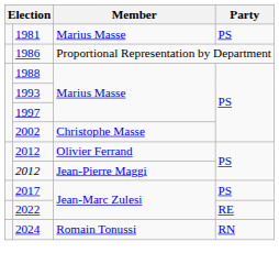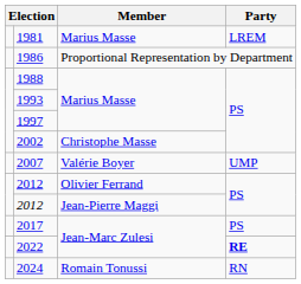 <table class="wikitable">
 <tr>
 <th colspan="2">Election</th>
 <th>Member</th>
 <th>Party</th>
 </tr>
 <tr>
 <td style="color:inherit;background-color: "></td>
 <td><a href='#'>1981</a></td>
 <td><a href='#'>Marius Masse</a></td>
-<td><a href='#'>PS</a></td>
+<td><a href='#'>LREM</a></td>
 </tr>
 <tr>
 <td></td>
 <td><a href='#'>1986</a></td>
 <td colspan=2>Proportional Representation by Department</td>
 </tr>
 <tr>
 <td rowspan=4 style="background-color: "></td>
 <td><a href='#'>1988</a></td>
 <td rowspan=3><a href='#'>Marius Masse</a></td>
 <td rowspan=4><a href='#'>PS</a></td>
 </tr>
 <tr>
 <td><a href='#'>1993</a></td>
 </tr>
 <tr>
 <td><a href='#'>1997</a></td>
 </tr>
 <tr>
 <td><a href='#'>2002</a></td>
 <td><a href='#'>Christophe Masse</a></td>
 </tr>
 <tr>
+<td style="color:inherit;background-color: "></td>
+<td><a href='#'>2007</a></td>
+<td><a href='#'>Valérie Boyer</a></td>
+<td><a href='#'>UMP</a></td>
+</tr>
+<tr>
 <td rowspan="2" style="background-color: "></td>
 <td><a href='#'>2012</a></td>
 <td><a href='#'>Olivier Ferrand</a></td>
 <td rowspan="2"><a href='#'>PS</a></td>
 </tr>
 <tr>
 <td><em>2012</em></td>
 <td><a href='#'>Jean-Pierre Maggi</a></td>
 </tr>
 <tr>
 <td style="color:inherit;background-color: "></td>
 <td><a href='#'>2017</a></td>
 <td rowspan="2"><a href='#'>Jean-Marc Zulesi</a></td>
 <td><a href='#'>PS</a></td>
 </tr>
 <tr>
 <td style="color:inherit;background-color: "></td>
 <td><a href='#'>2022</a></td>
-<td><a href='#'>RE</a></td>
+<td><strong><a href='#'>RE</a></strong></td>
 </tr>
 <tr>
 <td style="color:inherit;background-color: "></td>
 <td><a href='#'>2024</a></td>
 <td><a href='#'>Romain Tonussi</a></td>
 <td><a href='#'>RN</a></td>
 </tr>
 </table>
